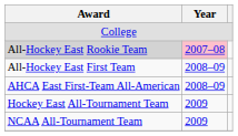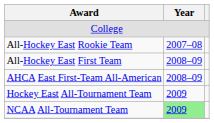 <table class="wikitable">
 <tr>
 <th>Award</th>
 <th>Year</th>
 <th></th>
 </tr>
 <tr ALIGN="center" bgcolor="#e0e0e0">
 <td colspan="3"><a href='#'>College</a></td>
 </tr>
 <tr>
-<td style="background: lightgrey;">All-<a href='#'>Hockey East</a> <a href='#'>Rookie Team</a></td>
-<td style="background: pink;"><a href='#'>2007–08</a></td>
+<td>All-<a href='#'>Hockey East</a> <a href='#'>Rookie Team</a></td>
+<td><a href='#'>2007–08</a></td>
 <td></td>
 </tr>
 <tr>
 <td>All-<a href='#'>Hockey East</a> <a href='#'>First Team</a></td>
 <td><a href='#'>2008–09</a></td>
 <td></td>
 </tr>
 <tr>
 <td><a href='#'>AHCA</a> <a href='#'>East First-Team All-American</a></td>
 <td><a href='#'>2008–09</a></td>
 <td></td>
 </tr>
 <tr>
 <td><a href='#'>Hockey East</a> <a href='#'>All-Tournament Team</a></td>
 <td><a href='#'>2009</a></td>
 <td></td>
 </tr>
 <tr>
 <td><a href='#'>NCAA</a> <a href='#'>All-Tournament Team</a></td>
-<td><a href='#'>2009</a></td>
+<td style="background: lightgreen;"><a href='#'>2009</a></td>
 <td></td>
 </tr>
 <tr>
 </tr>
 </table>
